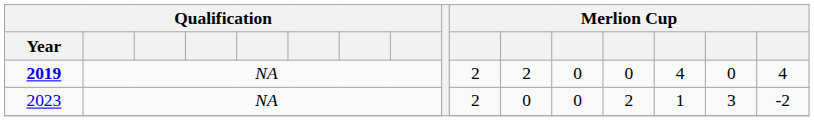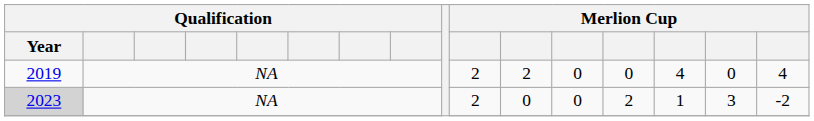 <table class="wikitable" style="text-align: center;">
 <tr>
 <th colspan=8>Qualification</th>
 <th style="width:1%;" rowspan="22"></th>
 <th colspan=7>Merlion Cup</th>
 </tr>
 <tr>
 <th width=50>Year</th>
 <th width=30></th>
 <th width=30></th>
 <th width=30></th>
 <th width=30></th>
 <th width=30></th>
 <th width=30></th>
 <th width=30></th>
 <th width=30></th>
 <th width=30></th>
 <th width=30></th>
 <th width=30></th>
 <th width=30></th>
 <th width=30></th>
 <th width=30></th>
 </tr>
 <tr>
-<td><strong> <a href='#'>2019</a></strong></td>
+<td> <a href='#'>2019</a></td>
 <td colspan=8><em>NA</em></td>
 <td>2</td>
 <td>2</td>
 <td>0</td>
 <td>0</td>
 <td>4</td>
 <td>0</td>
 <td>4</td>
 </tr>
 <tr>
-<td> <a href='#'>2023</a></td>
+<td style="background: lightgrey;"> <a href='#'>2023</a></td>
 <td colspan=8><em>NA</em></td>
 <td>2</td>
 <td>0</td>
 <td>0</td>
 <td>2</td>
 <td>1</td>
 <td>3</td>
 <td>-2</td>
 </tr>
 <tr>
 </tr>
 </table>
